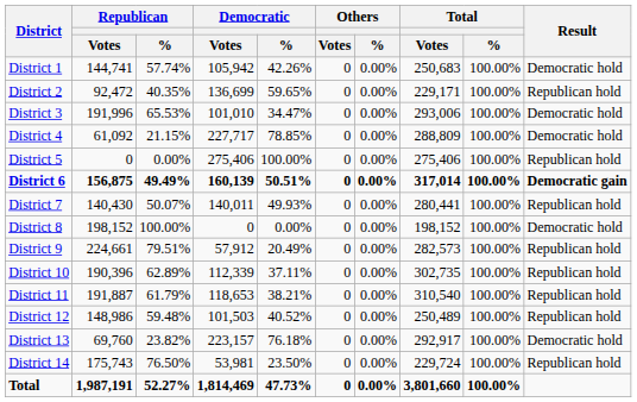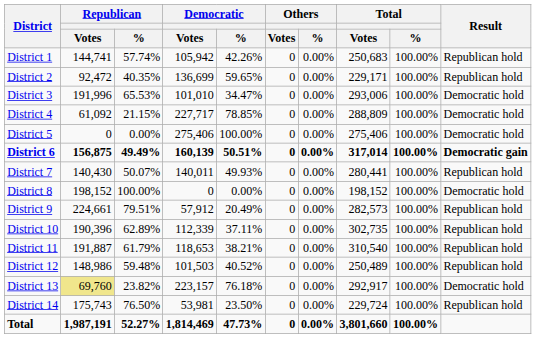 <table class="wikitable plainrowheaders sortable" style="font-size:100%; text-align:right;">
 <tr>
 <th scope=col rowspan=3><a href='#'>District</a></th>
 <th scope=col colspan=2><a href='#'>Republican</a></th>
 <th scope=col colspan=2><a href='#'>Democratic</a></th>
 <th scope=col colspan=2>Others</th>
 <th scope=col colspan=2>Total</th>
 <th scope=col rowspan=3>Result</th>
 </tr>
 <tr>
 <th scope=col colspan=2 style="background:"></th>
 <th scope=col colspan=2 style="background:"></th>
 <th scope=col colspan=2></th>
 <th scope=col colspan=2></th>
 </tr>
 <tr>
 <th scope=col data-sort-type="number">Votes</th>
 <th scope=col data-sort-type="number">%</th>
 <th scope=col data-sort-type="number">Votes</th>
 <th scope=col data-sort-type="number">%</th>
 <th scope=col data-sort-type="number">Votes</th>
 <th scope=col data-sort-type="number">%</th>
 <th scope=col data-sort-type="number">Votes</th>
 <th scope=col data-sort-type="number">%</th>
 </tr>
 <tr>
 <td align=left><a href='#'>District 1</a></td>
 <td>144,741</td>
 <td>57.74%</td>
 <td>105,942</td>
 <td>42.26%</td>
 <td>0</td>
 <td>0.00%</td>
 <td>250,683</td>
 <td>100.00%</td>
-<td align=left>Democratic hold</td>
+<td align=left>Republican hold</td>
 </tr>
 <tr>
 <td align=left><a href='#'>District 2</a></td>
 <td>92,472</td>
 <td>40.35%</td>
 <td>136,699</td>
 <td>59.65%</td>
 <td>0</td>
 <td>0.00%</td>
 <td>229,171</td>
 <td>100.00%</td>
 <td align=left>Republican hold</td>
 </tr>
 <tr>
 <td align=left><a href='#'>District 3</a></td>
 <td>191,996</td>
 <td>65.53%</td>
 <td>101,010</td>
 <td>34.47%</td>
 <td>0</td>
 <td>0.00%</td>
 <td>293,006</td>
 <td>100.00%</td>
 <td align=left>Democratic hold</td>
 </tr>
 <tr>
 <td align=left><a href='#'>District 4</a></td>
 <td>61,092</td>
 <td>21.15%</td>
 <td>227,717</td>
 <td>78.85%</td>
 <td>0</td>
 <td>0.00%</td>
 <td>288,809</td>
 <td>100.00%</td>
 <td align=left>Democratic hold</td>
 </tr>
 <tr>
 <td align=left><a href='#'>District 5</a></td>
 <td>0</td>
 <td>0.00%</td>
 <td>275,406</td>
 <td>100.00%</td>
 <td>0</td>
 <td>0.00%</td>
 <td>275,406</td>
 <td>100.00%</td>
-<td align=left>Republican hold</td>
+<td align=left>Democratic hold</td>
 </tr>
 <tr>
 <td align=left><strong><a href='#'>District 6</a></strong></td>
 <td><strong>156,875</strong></td>
 <td><strong>49.49%</strong></td>
 <td><strong>160,139</strong></td>
 <td><strong>50.51%</strong></td>
 <td><strong>0</strong></td>
 <td><strong>0.00%</strong></td>
 <td><strong>317,014</strong></td>
 <td><strong>100.00%</strong></td>
 <td align=left><strong>Democratic gain</strong></td>
 </tr>
 <tr>
 <td align=left><a href='#'>District 7</a></td>
 <td>140,430</td>
 <td>50.07%</td>
 <td>140,011</td>
 <td>49.93%</td>
 <td>0</td>
 <td>0.00%</td>
 <td>280,441</td>
 <td>100.00%</td>
 <td align=left>Republican hold</td>
 </tr>
 <tr>
 <td align=left><a href='#'>District 8</a></td>
 <td>198,152</td>
 <td>100.00%</td>
 <td>0</td>
 <td>0.00%</td>
 <td>0</td>
 <td>0.00%</td>
 <td>198,152</td>
 <td>100.00%</td>
 <td align=left>Democratic hold</td>
 </tr>
 <tr>
 <td align=left><a href='#'>District 9</a></td>
 <td>224,661</td>
 <td>79.51%</td>
 <td>57,912</td>
 <td>20.49%</td>
 <td>0</td>
 <td>0.00%</td>
 <td>282,573</td>
 <td>100.00%</td>
 <td align=left>Republican hold</td>
 </tr>
 <tr>
 <td align=left><a href='#'>District 10</a></td>
 <td>190,396</td>
 <td>62.89%</td>
 <td>112,339</td>
 <td>37.11%</td>
 <td>0</td>
 <td>0.00%</td>
 <td>302,735</td>
 <td>100.00%</td>
 <td align=left>Republican hold</td>
 </tr>
 <tr>
 <td align=left><a href='#'>District 11</a></td>
 <td>191,887</td>
 <td>61.79%</td>
 <td>118,653</td>
 <td>38.21%</td>
 <td>0</td>
 <td>0.00%</td>
 <td>310,540</td>
 <td>100.00%</td>
 <td align=left>Republican hold</td>
 </tr>
 <tr>
 <td align=left><a href='#'>District 12</a></td>
 <td>148,986</td>
 <td>59.48%</td>
 <td>101,503</td>
 <td>40.52%</td>
 <td>0</td>
 <td>0.00%</td>
 <td>250,489</td>
 <td>100.00%</td>
 <td align=left>Republican hold</td>
 </tr>
 <tr>
 <td align=left><a href='#'>District 13</a></td>
-<td>69,760</td>
+<td style="background: khaki;">69,760</td>
 <td>23.82%</td>
 <td>223,157</td>
 <td>76.18%</td>
 <td>0</td>
 <td>0.00%</td>
 <td>292,917</td>
 <td>100.00%</td>
 <td align=left>Democratic hold</td>
 </tr>
 <tr>
 <td align=left><a href='#'>District 14</a></td>
 <td>175,743</td>
 <td>76.50%</td>
 <td>53,981</td>
 <td>23.50%</td>
 <td>0</td>
 <td>0.00%</td>
 <td>229,724</td>
 <td>100.00%</td>
 <td align=left>Republican hold</td>
 </tr>
 <tr class="sortbottom" style="font-weight:bold">
 <td align=left>Total</td>
 <td>1,987,191</td>
 <td>52.27%</td>
 <td>1,814,469</td>
 <td>47.73%</td>
 <td>0</td>
 <td>0.00%</td>
 <td>3,801,660</td>
 <td>100.00%</td>
 <td></td>
 </tr>
 </table>
